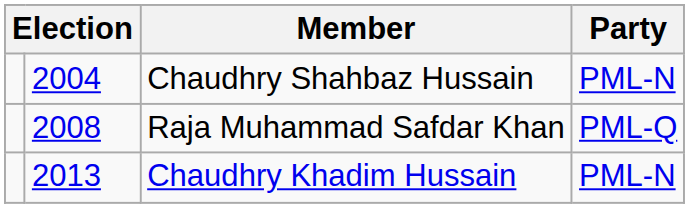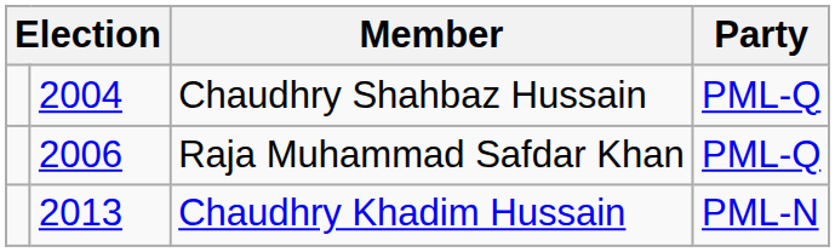 <table class="wikitable">
 <tr>
 <th colspan="2">Election</th>
 <th>Member</th>
 <th>Party</th>
 </tr>
 <tr>
 <td style="background-color: "></td>
 <td><a href='#'>2004</a></td>
 <td>Chaudhry Shahbaz Hussain</td>
-<td><a href='#'>PML-N</a></td>
+<td><a href='#'>PML-Q</a></td>
 </tr>
 <tr>
 <td style="background-color: "></td>
-<td><a href='#'>2008</a></td>
+<td><a href='#'>2006</a></td>
 <td>Raja Muhammad Safdar Khan</td>
 <td><a href='#'>PML-Q</a></td>
 </tr>
 <tr>
 <td style="background-color: "></td>
 <td><a href='#'>2013</a></td>
 <td><a href='#'>Chaudhry Khadim Hussain</a></td>
 <td><a href='#'>PML-N</a></td>
 </tr>
 </table>
